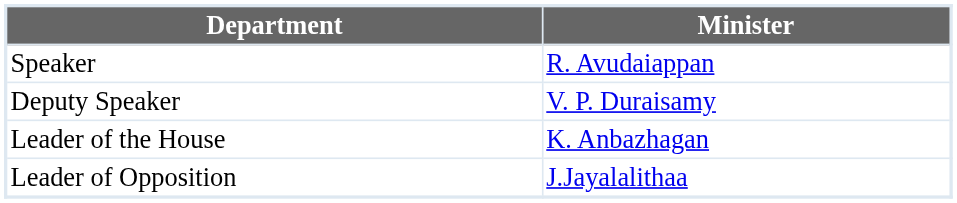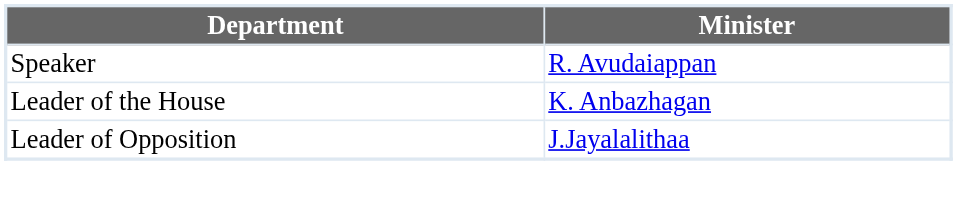 <table width="65%" cellpadding="2" cellspacing="0" border="1" style="border-collapse: collapse; border: 2px #DEE8F1 solid; font-size: x-big; font-family: verdana">
 <tr>
 <th style="background-color:#666666; color:white">Department</th>
 <th style="background-color:#666666; color:white">Minister</th>
 </tr>
 <tr --->
 <td>Speaker</td>
 <td><a href='#'>R. Avudaiappan</a></td>
 </tr>
 <tr --->
-<td>Deputy Speaker</td>
-<td><a href='#'>V. P. Duraisamy</a></td>
-</tr>
-<tr --->
 <td>Leader of the House</td>
 <td><a href='#'>K. Anbazhagan</a></td>
 </tr>
 <tr --->
 <td>Leader of Opposition</td>
 <td><a href='#'>J.Jayalalithaa</a></td>
 </tr>
 </table>
